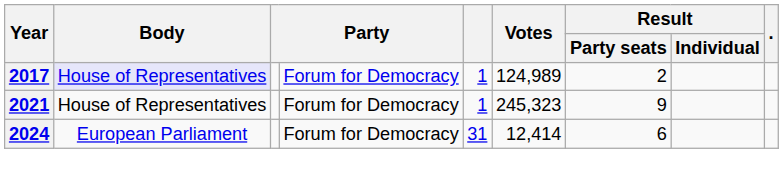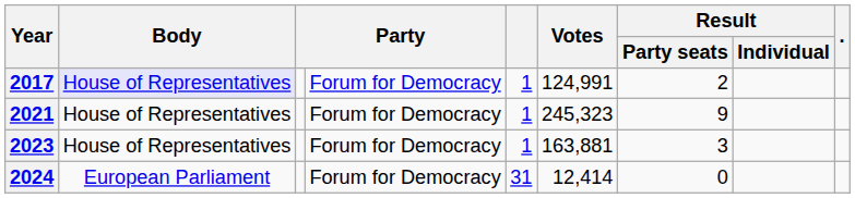 <table class="wikitable plainrowheaders sortable" border=2 cellpadding=4 cellspacing=0 style="border: 1px #aaa solid; font-size: 90%; text-align:center;">
 <tr>
 <th scope="col" rowspan=2>Year</th>
 <th scope="col" rowspan=2>Body</th>
 <th scope="col" colspan=2 rowspan=2>Party</th>
 <th scope="col" rowspan=2></th>
 <th scope="col" rowspan=2>Votes</th>
 <th scope="colgroup" colspan=2>Result</th>
 <th scope="col" rowspan=2 class="unsortable">.</th>
 </tr>
 <tr>
 <th scope="col">Party seats</th>
 <th scope="col">Individual</th>
 </tr>
 <tr>
 <th scope="row"><a href='#'>2017</a></th>
 <td style="background: lavender;"><a href='#'>House of Representatives</a></td>
 <td style="background-color:"></td>
 <td><a href='#'>Forum for Democracy</a></td>
 <td style=text-align:right><a href='#'>1</a></td>
-<td style=text-align:right>124,989</td>
+<td style=text-align:right>124,991</td>
 <td style=text-align:right>2</td>
 <td></td>
 <td></td>
 </tr>
 <tr>
 <th scope="row"><a href='#'>2021</a></th>
 <td>House of Representatives</td>
 <td style="background-color:"></td>
 <td>Forum for Democracy</td>
 <td style=text-align:right><a href='#'>1</a></td>
 <td style=text-align:right>245,323</td>
 <td style=text-align:right>9</td>
 <td></td>
 <td></td>
 </tr>
 <tr>
+<th scope="row"><a href='#'>2023</a></th>
+<td>House of Representatives</td>
+<td style="background-color:"></td>
+<td>Forum for Democracy</td>
+<td style=text-align:right><a href='#'>1</a></td>
+<td style=text-align:right>163,881</td>
+<td style=text-align:right>3</td>
+<td></td>
+<td></td>
+</tr>
+<tr>
 <th scope="row"><a href='#'>2024</a></th>
 <td><a href='#'>European Parliament</a></td>
 <td style="background-color:"></td>
 <td>Forum for Democracy</td>
 <td style=text-align:right><a href='#'>31</a></td>
 <td style=text-align:right>12,414</td>
-<td style=text-align:right>6</td>
+<td style=text-align:right>0</td>
 <td></td>
 <td></td>
 </tr>
 </table>
